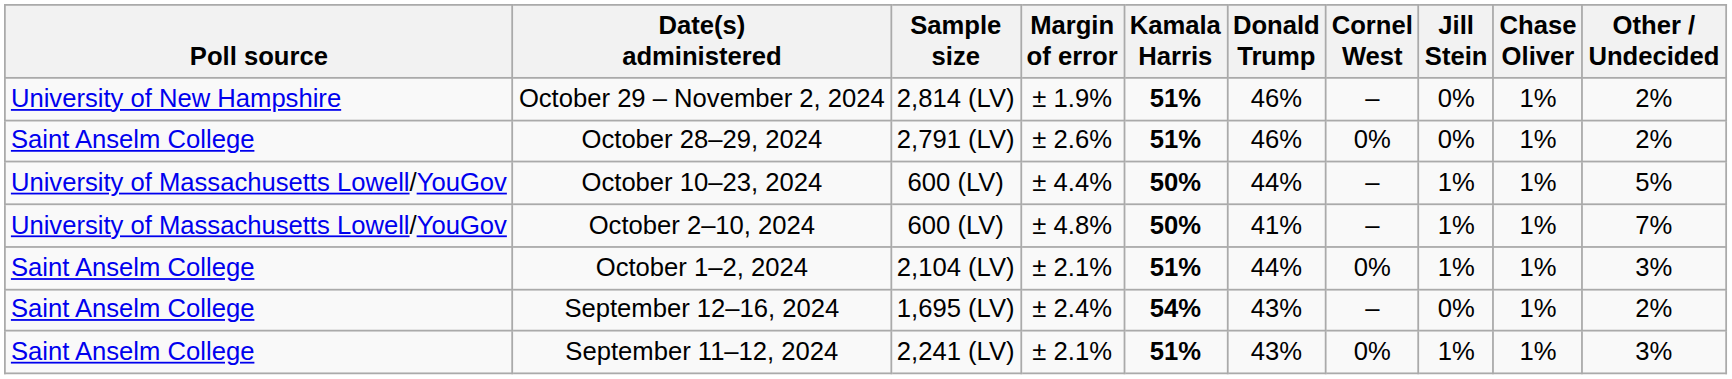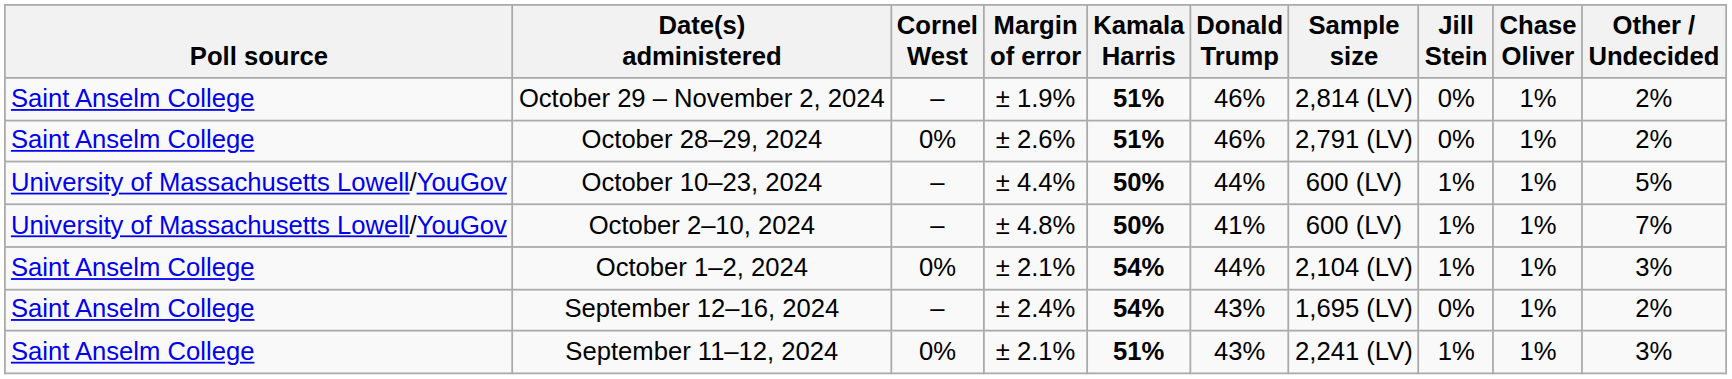 <table class="wikitable sortable mw-datatable" style="font-size:90%;text-align:center;line-height:17px">
 <tr valign=bottom>
 <th>Poll source</th>
 <th>Date(s)<br>administered</th>
-<th>Sample<br>size</th>
+<th class="unsortable">Cornel<br>West<br></th>
 <th>Margin<br>of error</th>
 <th class="unsortable">Kamala<br>Harris<br></th>
 <th class="unsortable">Donald<br>Trump<br></th>
-<th class="unsortable">Cornel<br>West<br></th>
+<th>Sample<br>size</th>
 <th class="unsortable">Jill<br>Stein<br></th>
 <th class="unsortable">Chase<br>Oliver<br></th>
 <th class="unsortable">Other /<br>Undecided</th>
 </tr>
 <tr>
-<td style="text-align:left;"><a href='#'>University of New Hampshire</a></td>
+<td style="text-align:left;"><a href='#'>Saint Anselm College</a></td>
 <td data-sort-value="2024-11-02">October 29 – November 2, 2024</td>
-<td>2,814 (LV)</td>
+<td>–</td>
 <td>± 1.9%</td>
 <td style="color:black;background-color:"><strong>51%</strong></td>
 <td>46%</td>
-<td>–</td>
+<td>2,814 (LV)</td>
 <td>0%</td>
 <td>1%</td>
 <td>2%</td>
 </tr>
 <tr>
 <td style="text-align:left;"><a href='#'>Saint Anselm College</a></td>
 <td data-sort-value="2024-10-29">October 28–29, 2024</td>
-<td>2,791 (LV)</td>
+<td>0%</td>
 <td>± 2.6%</td>
 <td style="color:black;background-color:"><strong>51%</strong></td>
 <td>46%</td>
-<td>0%</td>
+<td>2,791 (LV)</td>
 <td>0%</td>
 <td>1%</td>
 <td>2%</td>
 </tr>
 <tr>
 <td style="text-align:left;"><a href='#'>University of Massachusetts Lowell</a>/<a href='#'>YouGov</a></td>
 <td data-sort-value="2024-10-23">October 10–23, 2024</td>
-<td>600 (LV)</td>
+<td>–</td>
 <td>± 4.4%</td>
 <td style="color:black;background-color:"><strong>50%</strong></td>
 <td>44%</td>
-<td>–</td>
+<td>600 (LV)</td>
 <td>1%</td>
 <td>1%</td>
 <td>5%</td>
 </tr>
 <tr>
 <td style="text-align:left;"><a href='#'>University of Massachusetts Lowell</a>/<a href='#'>YouGov</a></td>
 <td data-sort-value="2024-10-09">October 2–10, 2024</td>
-<td>600 (LV)</td>
+<td>–</td>
 <td>± 4.8%</td>
 <td style="color:black;background-color:"><strong>50%</strong></td>
 <td>41%</td>
-<td>–</td>
+<td>600 (LV)</td>
 <td>1%</td>
 <td>1%</td>
 <td>7%</td>
 </tr>
 <tr>
 <td style="text-align:left;"><a href='#'>Saint Anselm College</a></td>
 <td data-sort-value="2024-10-02">October 1–2, 2024</td>
+<td>0%</td>
+<td>± 2.1%</td>
+<td style="color:black;background-color:"><strong>54%</strong></td>
+<td>44%</td>
 <td>2,104 (LV)</td>
-<td>± 2.1%</td>
-<td style="color:black;background-color:"><strong>51%</strong></td>
-<td>44%</td>
-<td>0%</td>
 <td>1%</td>
 <td>1%</td>
 <td>3%</td>
 </tr>
 <tr>
 <td style="text-align:left;"><a href='#'>Saint Anselm College</a></td>
 <td data-sort-value="2024-09-16">September 12–16, 2024</td>
-<td>1,695 (LV)</td>
+<td>–</td>
 <td>± 2.4%</td>
 <td style="color:black;background-color:"><strong>54%</strong></td>
 <td>43%</td>
-<td>–</td>
+<td>1,695 (LV)</td>
 <td>0%</td>
 <td>1%</td>
 <td>2%</td>
 </tr>
 <tr>
 <td style="text-align:left;"><a href='#'>Saint Anselm College</a></td>
 <td data-sort-value="2024-09-12">September 11–12, 2024</td>
-<td>2,241 (LV)</td>
+<td>0%</td>
 <td>± 2.1%</td>
 <td style="color:black;background-color:"><strong>51%</strong></td>
 <td>43%</td>
-<td>0%</td>
+<td>2,241 (LV)</td>
 <td>1%</td>
 <td>1%</td>
 <td>3%</td>
 </tr>
 </table>
